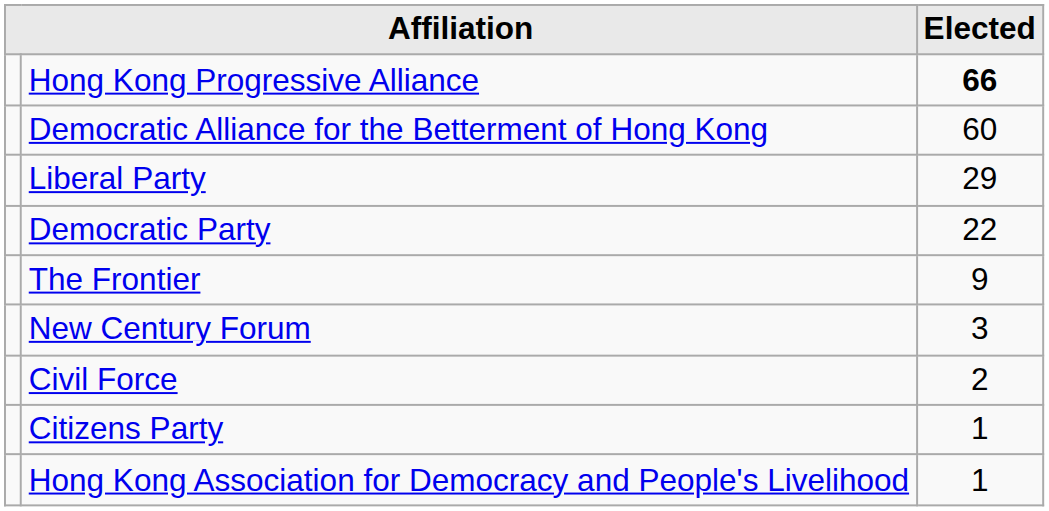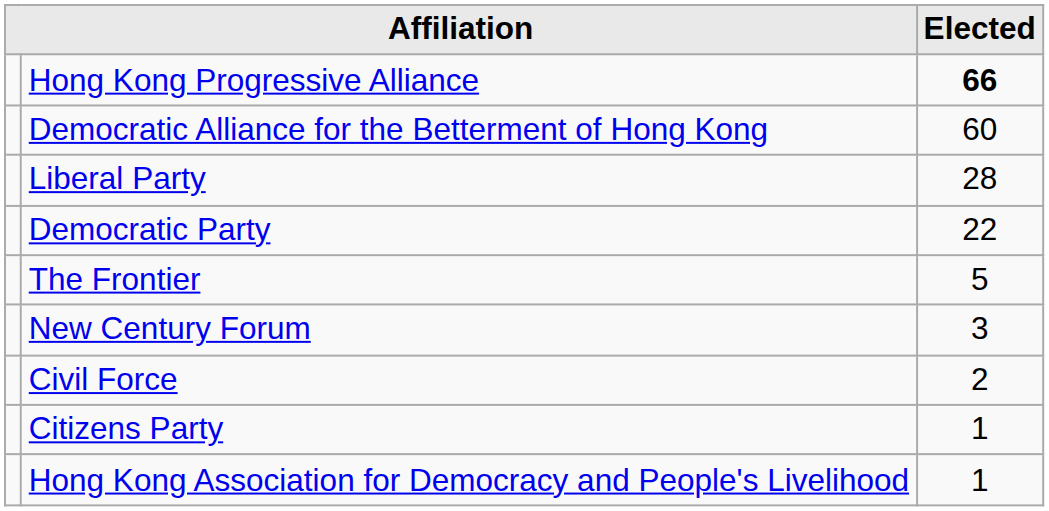 <table class="wikitable" style="text-align:center">
 <tr>
 <th style="background-color:#E9E9E9" align=center colspan=2>Affiliation</th>
 <th style="background-color:#E9E9E9" align=right>Elected</th>
 </tr>
 <tr>
 <td width=1px style="background-color: "></td>
 <td align=left><a href='#'>Hong Kong Progressive Alliance</a></td>
 <td><strong>66</strong></td>
 </tr>
 <tr>
 <td width=1px style="background-color: "></td>
 <td align=left><a href='#'>Democratic Alliance for the Betterment of Hong Kong</a></td>
 <td>60</td>
 </tr>
 <tr>
 <td width=1px style="background-color: "></td>
 <td align=left><a href='#'>Liberal Party</a></td>
-<td>29</td>
+<td>28</td>
 </tr>
 <tr>
 <td width=1px style="background-color: "></td>
 <td align=left><a href='#'>Democratic Party</a></td>
 <td>22</td>
 </tr>
 <tr>
 <td width=1px style="background-color: "></td>
 <td align=left><a href='#'>The Frontier</a></td>
-<td>9</td>
+<td>5</td>
 </tr>
 <tr>
 <td width=1px style="background-color: "></td>
 <td align=left><a href='#'>New Century Forum</a></td>
 <td>3</td>
 </tr>
 <tr>
 <td width=1px style="background-color: "></td>
 <td align=left><a href='#'>Civil Force</a></td>
 <td>2</td>
 </tr>
 <tr>
 <td width=1px style="background-color: "></td>
 <td align=left><a href='#'>Citizens Party</a></td>
 <td>1</td>
 </tr>
 <tr>
 <td width=1px style="background-color: "></td>
 <td align=left><a href='#'>Hong Kong Association for Democracy and People's Livelihood</a></td>
 <td>1</td>
 </tr>
 </table>
